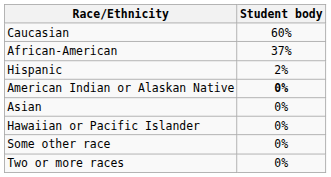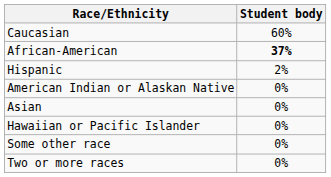 <table class="wikitable">
 <tr>
 <th>Race/Ethnicity</th>
 <th>Student body</th>
 </tr>
 <tr>
 <td>Caucasian</td>
 <td align="center">60%</td>
 </tr>
 <tr>
 <td>African-American</td>
-<td align="center">37%</td>
+<td align="center"><strong>37%</strong></td>
 </tr>
 <tr>
 <td>Hispanic</td>
 <td align="center">2%</td>
 </tr>
 <tr>
 <td>American Indian or Alaskan Native</td>
-<td align="center"><strong>0%</strong></td>
+<td align="center">0%</td>
 </tr>
 <tr>
 <td>Asian</td>
 <td align="center">0%</td>
 </tr>
 <tr>
 <td>Hawaiian or Pacific Islander</td>
 <td align="center">0%</td>
 </tr>
 <tr>
 <td>Some other race</td>
 <td align="center">0%</td>
 </tr>
 <tr>
 <td>Two or more races</td>
 <td align="center">0%</td>
 </tr>
 </table>
